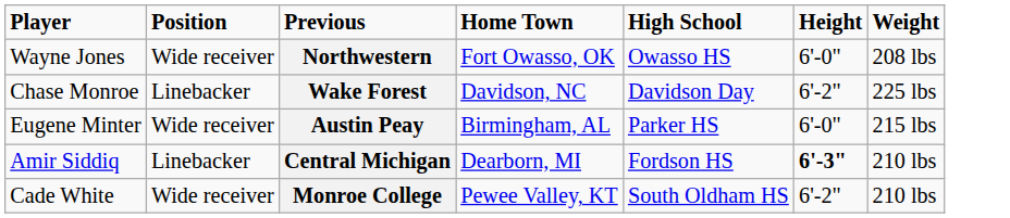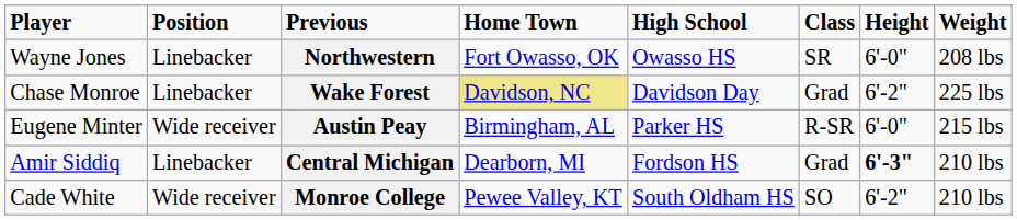 <table class="wikitable">
 <tr>
 <td><strong>Player</strong></td>
 <td><strong>Position</strong></td>
 <td><strong>Previous</strong></td>
 <td><strong>Home Town</strong></td>
 <td><strong>High School</strong></td>
+<td><strong>Class</strong></td>
 <td><strong>Height</strong></td>
 <td><strong>Weight</strong></td>
 </tr>
 <tr>
 <td>Wayne Jones</td>
-<td>Wide receiver</td>
+<td>Linebacker</td>
 <th>Northwestern</th>
 <td><a href='#'>Fort Owasso, OK</a></td>
 <td><a href='#'>Owasso HS</a></td>
+<td>SR</td>
 <td>6'-0"</td>
 <td>208 lbs</td>
 </tr>
 <tr>
 <td>Chase Monroe</td>
 <td>Linebacker</td>
 <th>Wake Forest</th>
-<td><a href='#'>Davidson, NC</a></td>
+<td style="background: khaki;"><a href='#'>Davidson, NC</a></td>
 <td><a href='#'>Davidson Day</a></td>
+<td>Grad</td>
 <td>6'-2"</td>
 <td>225 lbs</td>
 </tr>
 <tr>
 <td>Eugene Minter</td>
 <td>Wide receiver</td>
 <th>Austin Peay</th>
 <td><a href='#'>Birmingham, AL</a></td>
 <td><a href='#'>Parker HS</a></td>
+<td>R-SR</td>
 <td>6'-0"</td>
 <td>215 lbs</td>
 </tr>
 <tr>
 <td><a href='#'>Amir Siddiq</a></td>
 <td>Linebacker</td>
 <th>Central Michigan</th>
 <td><a href='#'>Dearborn, MI</a></td>
 <td><a href='#'>Fordson HS</a></td>
+<td>Grad</td>
 <td><strong>6'-3"</strong></td>
 <td>210 lbs</td>
 </tr>
 <tr>
 <td>Cade White</td>
 <td>Wide receiver</td>
 <th>Monroe College</th>
 <td><a href='#'>Pewee Valley, KT</a></td>
 <td><a href='#'>South Oldham HS</a></td>
+<td>SO</td>
 <td>6'-2"</td>
 <td>210 lbs</td>
 </tr>
 </table>
